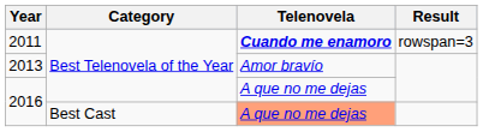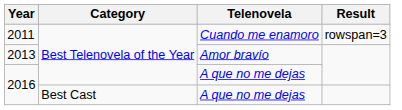 <table class="wikitable">
 <tr style="background:#b0c4de;">
 <th>Year</th>
 <th>Category</th>
 <th>Telenovela</th>
 <th>Result</th>
 </tr>
 <tr>
 <td>2011</td>
 <td rowspan=3><a href='#'>Best Telenovela of the Year</a></td>
-<td><strong><em><a href='#'>Cuando me enamoro</a></em></strong></td>
+<td><em><a href='#'>Cuando me enamoro</a></em></td>
 <td>rowspan=3 </td>
 </tr>
 <tr>
 <td>2013</td>
 <td><em><a href='#'>Amor bravío</a></em></td>
 </tr>
 <tr>
 <td rowspan="2">2016</td>
 <td><em><a href='#'>A que no me dejas</a></em></td>
 </tr>
 <tr>
 <td>Best Cast</td>
-<td style="background: lightsalmon;"><em><a href='#'>A que no me dejas</a></em></td>
+<td><em><a href='#'>A que no me dejas</a></em></td>
 <td></td>
 </tr>
 </table>
